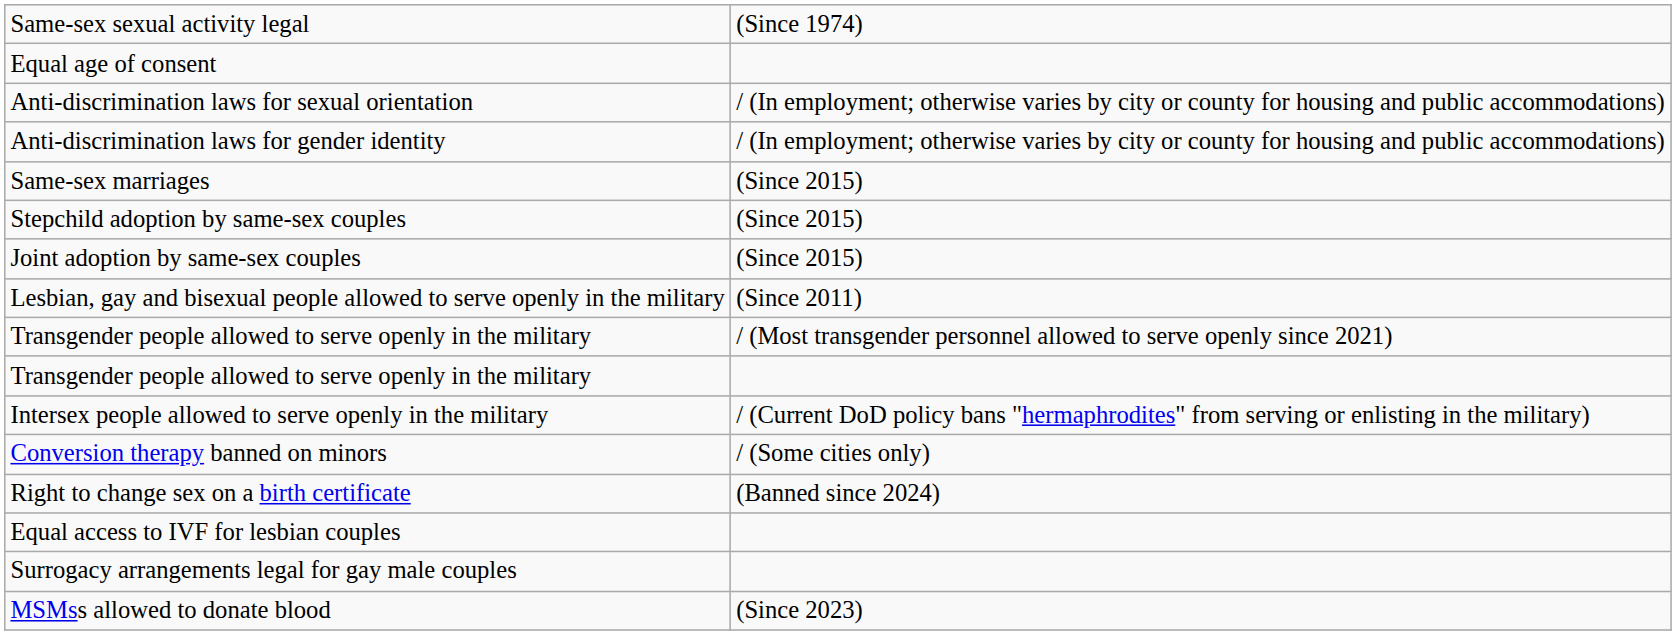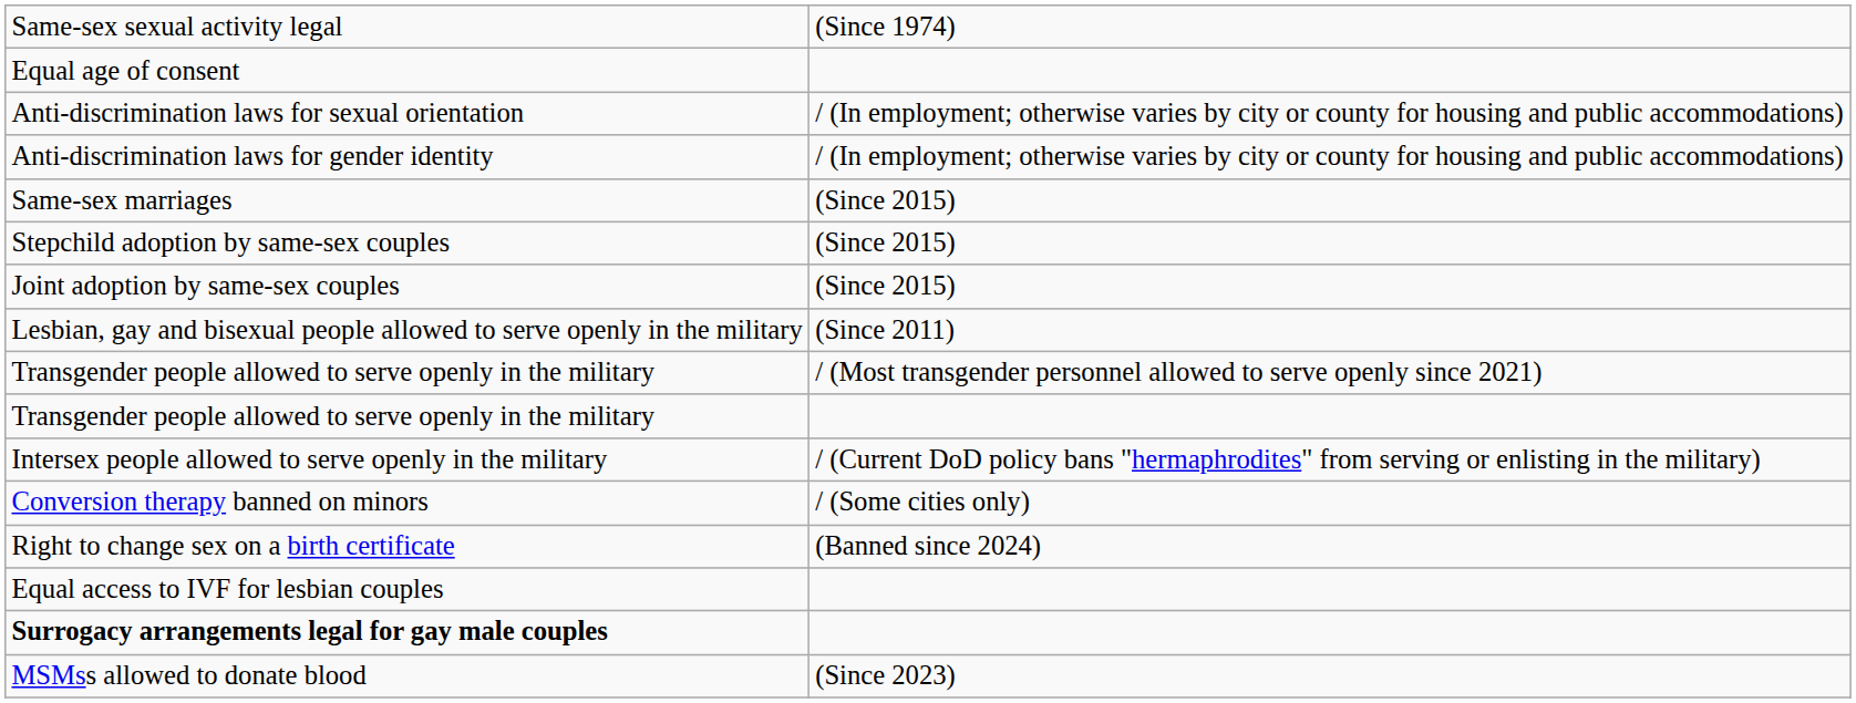 <table class="wikitable">
 <tr>
 <td>Same-sex sexual activity legal</td>
 <td> (Since 1974)</td>
 </tr>
 <tr>
 <td>Equal age of consent</td>
 <td></td>
 </tr>
 <tr>
 <td>Anti-discrimination laws for sexual orientation</td>
 <td>/ (In employment; otherwise varies by city or county for housing and public accommodations)</td>
 </tr>
 <tr>
 <td>Anti-discrimination laws for gender identity</td>
 <td>/ (In employment; otherwise varies by city or county for housing and public accommodations)</td>
 </tr>
 <tr>
 <td>Same-sex marriages</td>
 <td> (Since 2015)</td>
 </tr>
 <tr>
 <td>Stepchild adoption by same-sex couples</td>
 <td> (Since 2015)</td>
 </tr>
 <tr>
 <td>Joint adoption by same-sex couples</td>
 <td> (Since 2015)</td>
 </tr>
 <tr>
 <td>Lesbian, gay and bisexual people allowed to serve openly in the military</td>
 <td> (Since 2011)</td>
 </tr>
 <tr>
 <td>Transgender people allowed to serve openly in the military</td>
 <td>/ (Most transgender personnel allowed to serve openly since 2021)</td>
 </tr>
 <tr>
 <td>Transgender people allowed to serve openly in the military</td>
 <td></td>
 </tr>
 <tr>
 <td>Intersex people allowed to serve openly in the military</td>
 <td>/ (Current DoD policy bans "<a href='#'>hermaphrodites</a>" from serving or enlisting in the military)</td>
 </tr>
 <tr>
 <td><a href='#'>Conversion therapy</a> banned on minors</td>
 <td>/ (Some cities only)</td>
 </tr>
 <tr>
 <td>Right to change sex on a <a href='#'>birth certificate</a></td>
 <td> (Banned since 2024)</td>
 </tr>
 <tr>
 <td>Equal access to IVF for lesbian couples</td>
 <td></td>
 </tr>
 <tr>
-<td>Surrogacy arrangements legal for gay male couples</td>
+<td><strong>Surrogacy arrangements legal for gay male couples</strong></td>
 <td></td>
 </tr>
 <tr>
 <td><a href='#'>MSMs</a>s allowed to donate blood</td>
 <td> (Since 2023)</td>
 </tr>
 </table>
